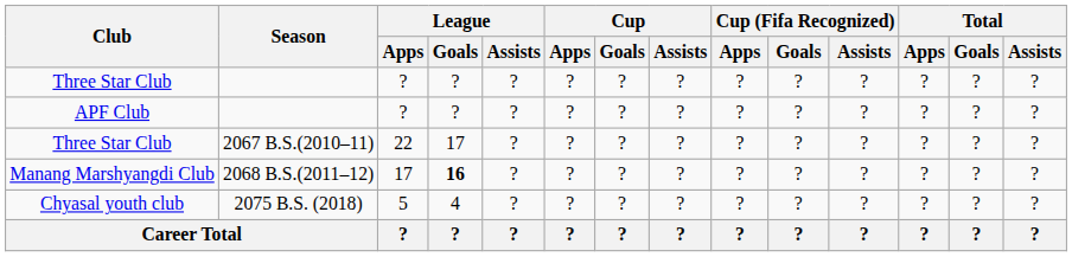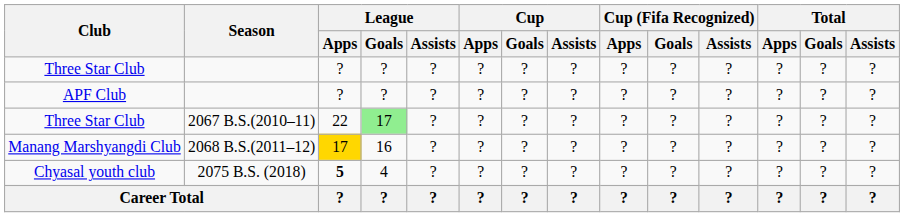 <table class="wikitable" style="font-size:90%; text-align:center;">
 <tr>
 <th rowspan=2>Club</th>
 <th rowspan=2>Season</th>
 <th colspan=3>League</th>
 <th colspan=3>Cup</th>
 <th colspan=3>Cup (Fifa Recognized)</th>
 <th colspan=3>Total</th>
 </tr>
 <tr>
 <th>Apps</th>
 <th>Goals</th>
 <th>Assists</th>
 <th>Apps</th>
 <th>Goals</th>
 <th>Assists</th>
 <th>Apps</th>
 <th>Goals</th>
 <th>Assists</th>
 <th>Apps</th>
 <th>Goals</th>
 <th>Assists</th>
 </tr>
 <tr>
 <td><a href='#'>Three Star Club</a></td>
 <td></td>
 <td>?</td>
 <td>?</td>
 <td>?</td>
 <td>?</td>
 <td>?</td>
 <td>?</td>
 <td>?</td>
 <td>?</td>
 <td>?</td>
 <td>?</td>
 <td>?</td>
 <td>?</td>
 </tr>
 <tr>
 <td><a href='#'>APF Club</a></td>
 <td></td>
 <td>?</td>
 <td>?</td>
 <td>?</td>
 <td>?</td>
 <td>?</td>
 <td>?</td>
 <td>?</td>
 <td>?</td>
 <td>?</td>
 <td>?</td>
 <td>?</td>
 <td>?</td>
 </tr>
 <tr>
 <td><a href='#'>Three Star Club</a></td>
 <td>2067 B.S.(2010–11)</td>
 <td>22</td>
-<td>17</td>
+<td style="background: lightgreen;">17</td>
 <td>?</td>
 <td>?</td>
 <td>?</td>
 <td>?</td>
 <td>?</td>
 <td>?</td>
 <td>?</td>
 <td>?</td>
 <td>?</td>
 <td>?</td>
 </tr>
 <tr>
 <td><a href='#'>Manang Marshyangdi Club</a></td>
 <td>2068 B.S.(2011–12)</td>
-<td>17</td>
-<td><strong>16</strong></td>
+<td style="background: gold;">17</td>
+<td>16</td>
 <td>?</td>
 <td>?</td>
 <td>?</td>
 <td>?</td>
 <td>?</td>
 <td>?</td>
 <td>?</td>
 <td>?</td>
 <td>?</td>
 <td>?</td>
 </tr>
 <tr>
 <td><a href='#'>Chyasal youth club</a></td>
 <td>2075 B.S. (2018)</td>
-<td>5</td>
+<td><strong>5</strong></td>
 <td>4</td>
 <td>?</td>
 <td>?</td>
 <td>?</td>
 <td>?</td>
 <td>?</td>
 <td>?</td>
 <td>?</td>
 <td>?</td>
 <td>?</td>
 <td>?</td>
 </tr>
 <tr>
 <th colspan=2>Career Total</th>
 <th>?</th>
 <th>?</th>
 <th>?</th>
 <th>?</th>
 <th>?</th>
 <th>?</th>
 <th>?</th>
 <th>?</th>
 <th>?</th>
 <th>?</th>
 <th>?</th>
 <th>?</th>
 </tr>
 </table>
